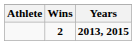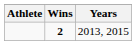 <table class="wikitable">
 <tr>
 </tr>
 <tr>
 <th>Athlete</th>
 <th>Wins</th>
 <th>Years</th>
 </tr>
 <tr>
 <td></td>
 <td align=center><strong>2</strong></td>
-<td><strong>2013, 2015</strong></td>
+<td>2013, 2015</td>
 </tr>
 </table>
